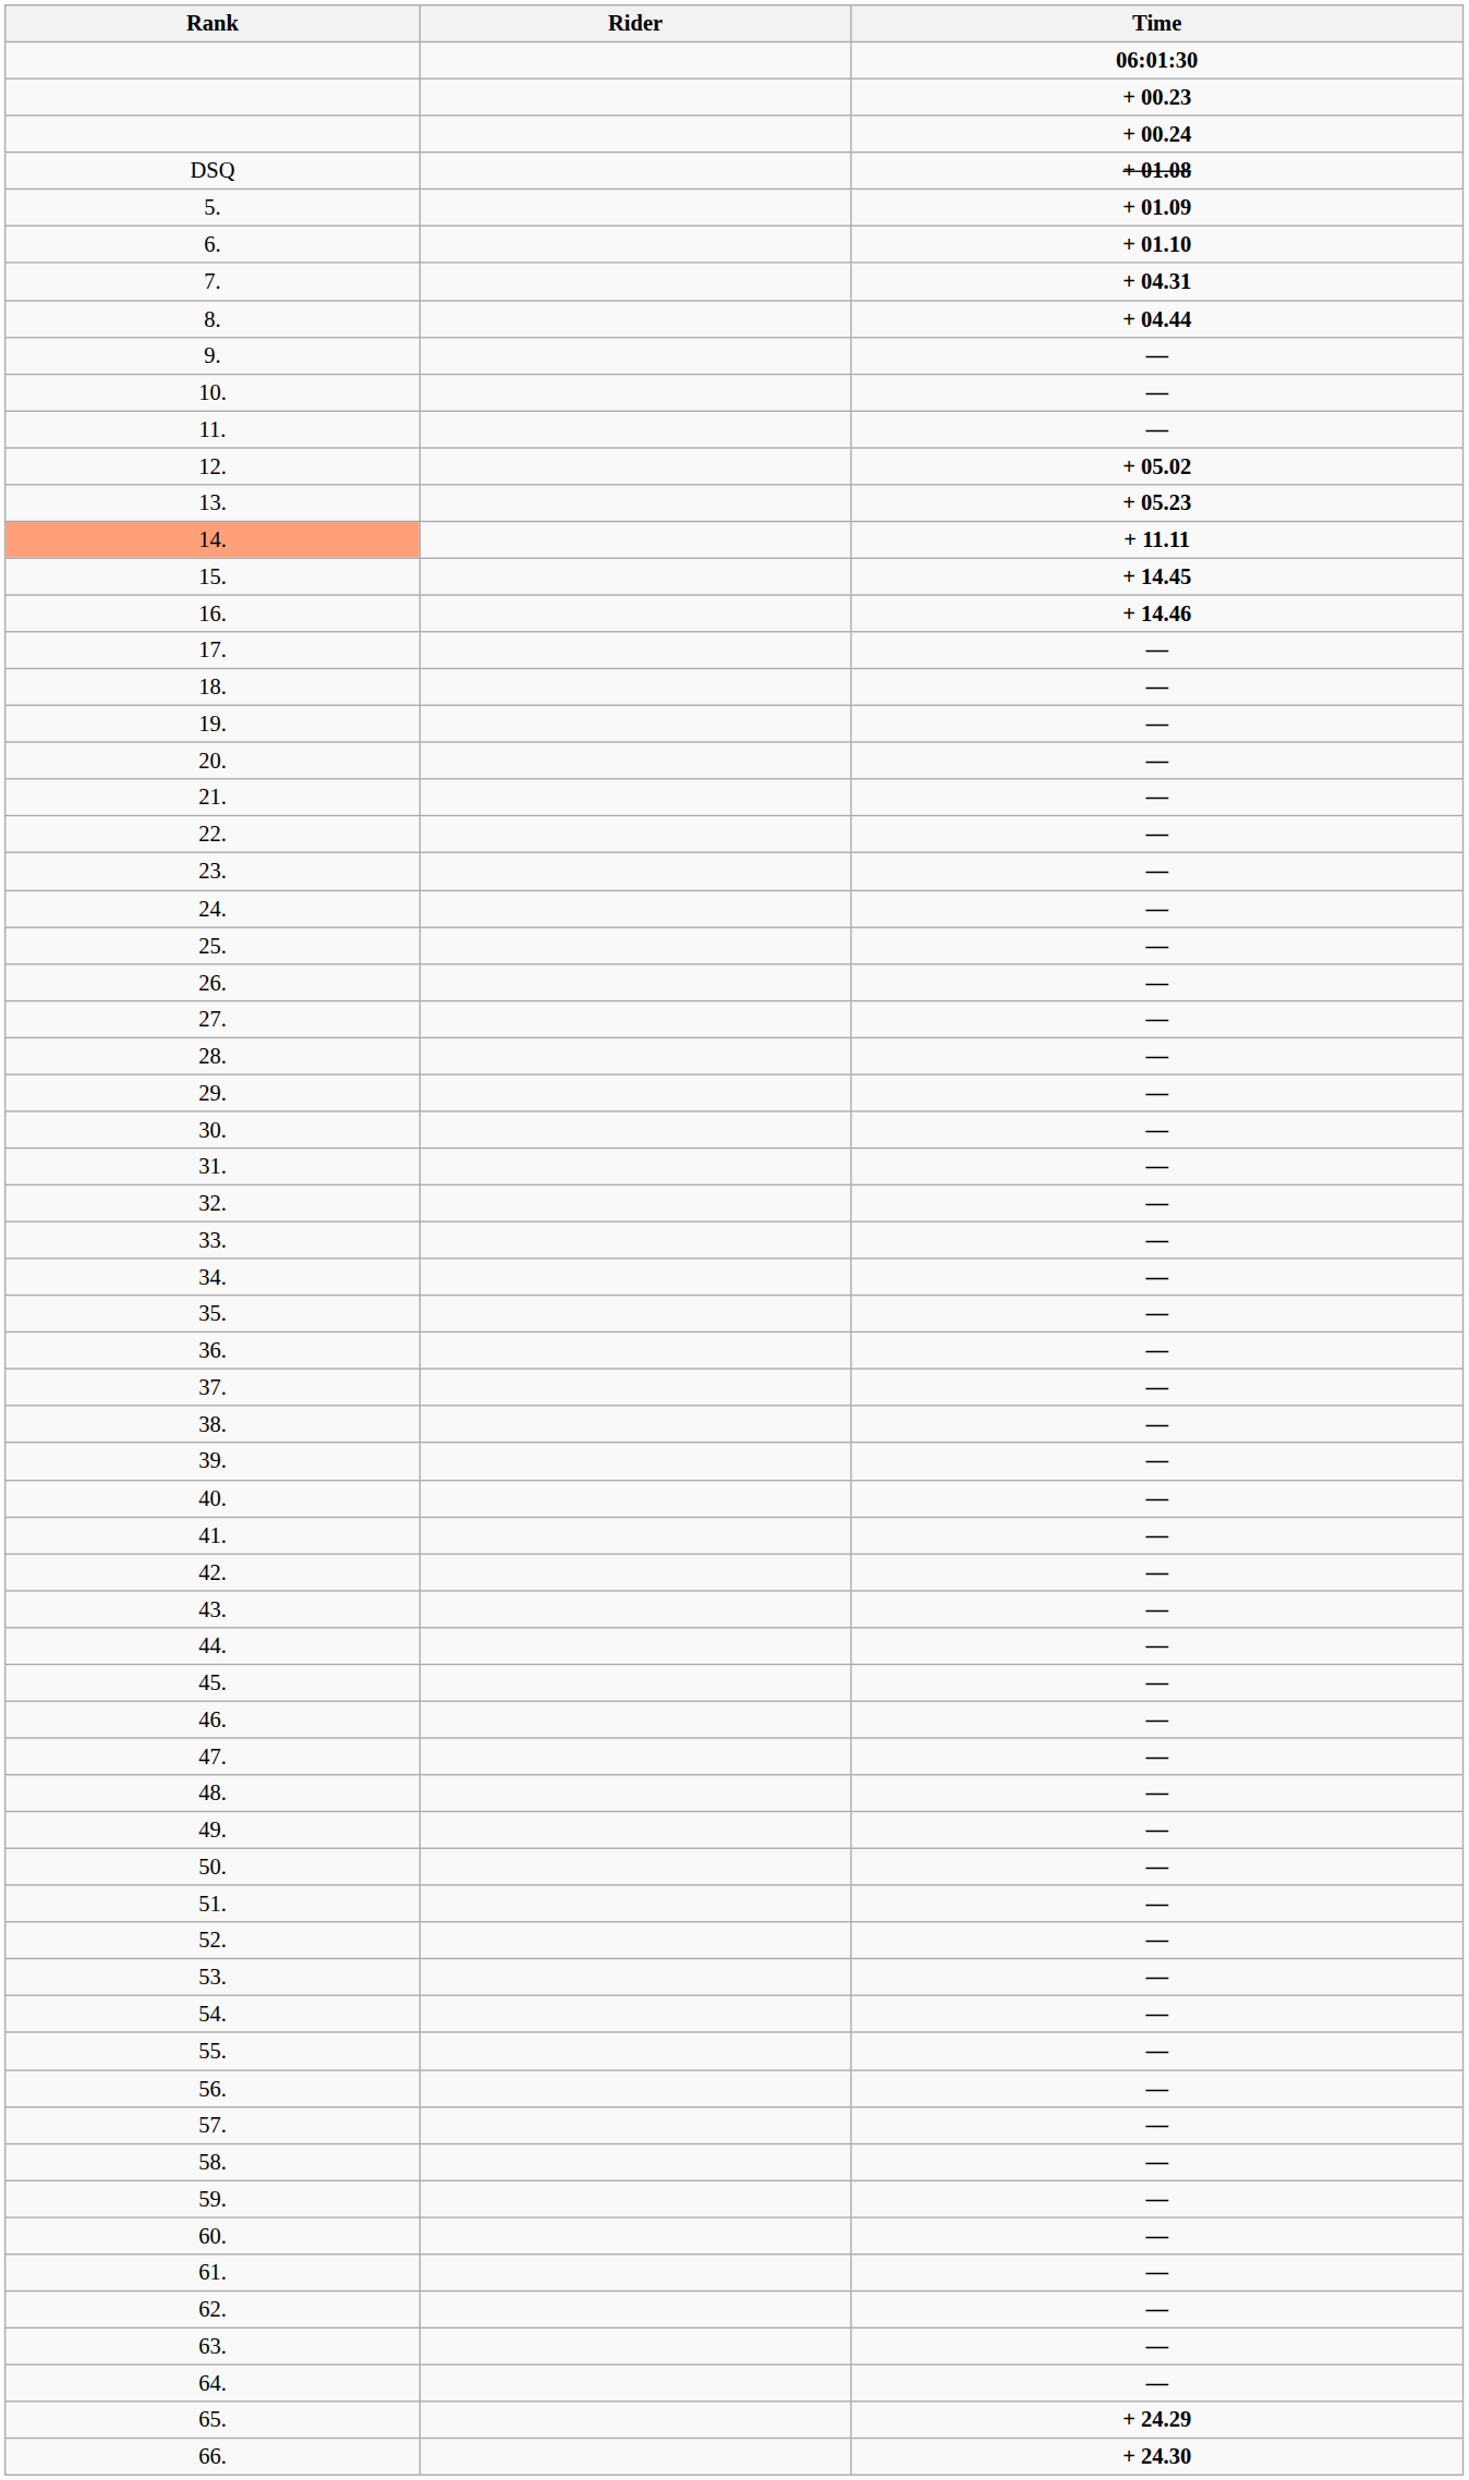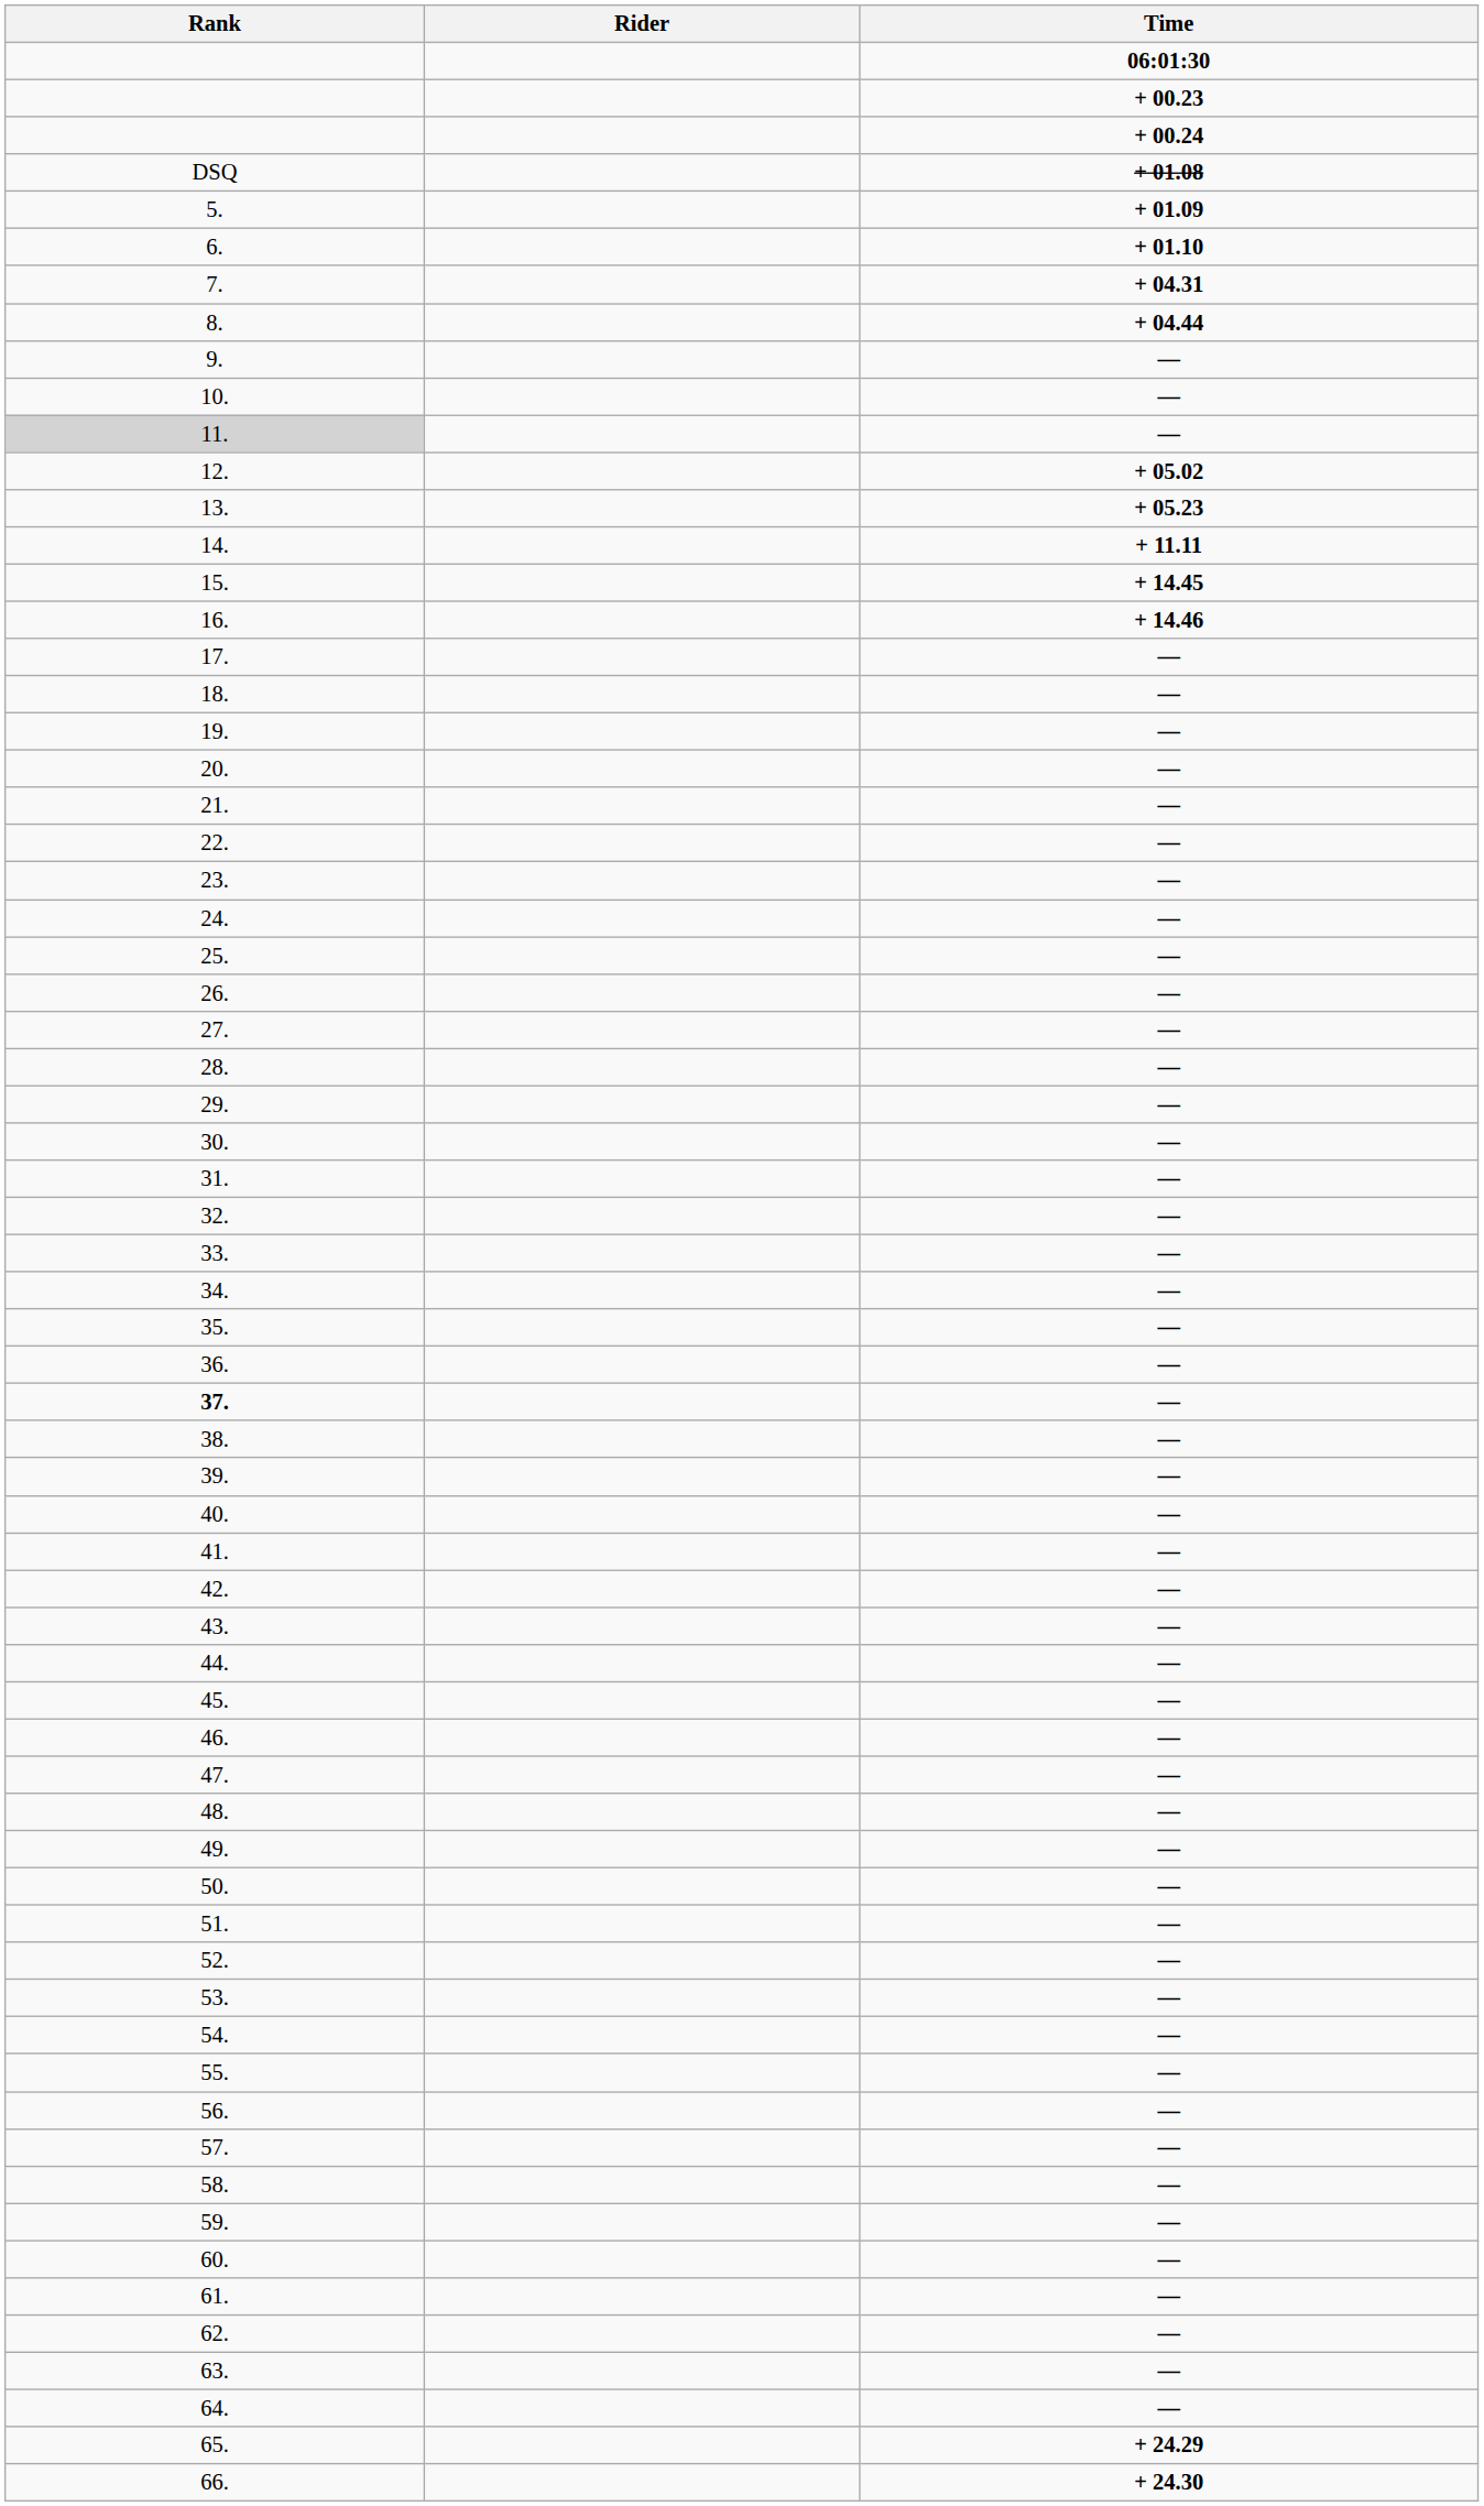 <table class=wikitable style="font-size:95%" width="50%">
 <tr>
 <th>Rank</th>
 <th>Rider</th>
 <th>Time</th>
 </tr>
 <tr>
 <td align="center"></td>
 <td></td>
 <td align="center"><strong>06:01:30</strong></td>
 </tr>
 <tr>
 <td align="center"></td>
 <td></td>
 <td align="center"><strong>+ 00.23</strong></td>
 </tr>
 <tr>
 <td align="center"></td>
 <td></td>
 <td align="center"><strong>+ 00.24</strong></td>
 </tr>
 <tr>
 <td align="center">DSQ</td>
 <td></td>
 <td align="center"><del><strong>+ 01.08</strong></del></td>
 </tr>
 <tr>
 <td align="center">5.</td>
 <td></td>
 <td align="center"><strong>+ 01.09</strong></td>
 </tr>
 <tr>
 <td align="center">6.</td>
 <td></td>
 <td align="center"><strong>+ 01.10</strong></td>
 </tr>
 <tr>
 <td align="center">7.</td>
 <td></td>
 <td align="center"><strong>+ 04.31</strong></td>
 </tr>
 <tr>
 <td align="center">8.</td>
 <td></td>
 <td align="center"><strong>+ 04.44</strong></td>
 </tr>
 <tr>
 <td align="center">9.</td>
 <td></td>
 <td align="center"><strong>—</strong></td>
 </tr>
 <tr>
 <td align="center">10.</td>
 <td></td>
 <td align="center"><strong>—</strong></td>
 </tr>
 <tr>
-<td align="center">11.</td>
+<td align="center" style="background: lightgrey;">11.</td>
 <td></td>
 <td align="center"><strong>—</strong></td>
 </tr>
 <tr>
 <td align="center">12.</td>
 <td></td>
 <td align="center"><strong>+ 05.02</strong></td>
 </tr>
 <tr>
 <td align="center">13.</td>
 <td></td>
 <td align="center"><strong>+ 05.23</strong></td>
 </tr>
 <tr>
-<td align="center" style="background: lightsalmon;">14.</td>
+<td align="center">14.</td>
 <td></td>
 <td align="center"><strong>+ 11.11</strong></td>
 </tr>
 <tr>
 <td align="center">15.</td>
 <td></td>
 <td align="center"><strong>+ 14.45</strong></td>
 </tr>
 <tr>
 <td align="center">16.</td>
 <td></td>
 <td align="center"><strong>+ 14.46</strong></td>
 </tr>
 <tr>
 <td align="center">17.</td>
 <td></td>
 <td align="center"><strong>—</strong></td>
 </tr>
 <tr>
 <td align="center">18.</td>
 <td></td>
 <td align="center"><strong>—</strong></td>
 </tr>
 <tr>
 <td align="center">19.</td>
 <td></td>
 <td align="center"><strong>—</strong></td>
 </tr>
 <tr>
 <td align="center">20.</td>
 <td></td>
 <td align="center"><strong>—</strong></td>
 </tr>
 <tr>
 <td align="center">21.</td>
 <td></td>
 <td align="center"><strong>—</strong></td>
 </tr>
 <tr>
 <td align="center">22.</td>
 <td></td>
 <td align="center"><strong>—</strong></td>
 </tr>
 <tr>
 <td align="center">23.</td>
 <td></td>
 <td align="center"><strong>—</strong></td>
 </tr>
 <tr>
 <td align="center">24.</td>
 <td></td>
 <td align="center"><strong>—</strong></td>
 </tr>
 <tr>
 <td align="center">25.</td>
 <td></td>
 <td align="center"><strong>—</strong></td>
 </tr>
 <tr>
 <td align="center">26.</td>
 <td></td>
 <td align="center"><strong>—</strong></td>
 </tr>
 <tr>
 <td align="center">27.</td>
 <td></td>
 <td align="center"><strong>—</strong></td>
 </tr>
 <tr>
 <td align="center">28.</td>
 <td></td>
 <td align="center"><strong>—</strong></td>
 </tr>
 <tr>
 <td align="center">29.</td>
 <td></td>
 <td align="center"><strong>—</strong></td>
 </tr>
 <tr>
 <td align="center">30.</td>
 <td></td>
 <td align="center"><strong>—</strong></td>
 </tr>
 <tr>
 <td align="center">31.</td>
 <td></td>
 <td align="center"><strong>—</strong></td>
 </tr>
 <tr>
 <td align="center">32.</td>
 <td></td>
 <td align="center"><strong>—</strong></td>
 </tr>
 <tr>
 <td align="center">33.</td>
 <td></td>
 <td align="center"><strong>—</strong></td>
 </tr>
 <tr>
 <td align="center">34.</td>
 <td></td>
 <td align="center"><strong>—</strong></td>
 </tr>
 <tr>
 <td align="center">35.</td>
 <td></td>
 <td align="center"><strong>—</strong></td>
 </tr>
 <tr>
 <td align="center">36.</td>
 <td></td>
 <td align="center"><strong>—</strong></td>
 </tr>
 <tr>
-<td align="center">37.</td>
+<td align="center"><strong>37.</strong></td>
 <td></td>
 <td align="center"><strong>—</strong></td>
 </tr>
 <tr>
 <td align="center">38.</td>
 <td></td>
 <td align="center"><strong>—</strong></td>
 </tr>
 <tr>
 <td align="center">39.</td>
 <td></td>
 <td align="center"><strong>—</strong></td>
 </tr>
 <tr>
 <td align="center">40.</td>
 <td></td>
 <td align="center"><strong>—</strong></td>
 </tr>
 <tr>
 <td align="center">41.</td>
 <td></td>
 <td align="center"><strong>—</strong></td>
 </tr>
 <tr>
 <td align="center">42.</td>
 <td></td>
 <td align="center"><strong>—</strong></td>
 </tr>
 <tr>
 <td align="center">43.</td>
 <td></td>
 <td align="center"><strong>—</strong></td>
 </tr>
 <tr>
 <td align="center">44.</td>
 <td></td>
 <td align="center"><strong>—</strong></td>
 </tr>
 <tr>
 <td align="center">45.</td>
 <td></td>
 <td align="center"><strong>—</strong></td>
 </tr>
 <tr>
 <td align="center">46.</td>
 <td></td>
 <td align="center"><strong>—</strong></td>
 </tr>
 <tr>
 <td align="center">47.</td>
 <td></td>
 <td align="center"><strong>—</strong></td>
 </tr>
 <tr>
 <td align="center">48.</td>
 <td></td>
 <td align="center"><strong>—</strong></td>
 </tr>
 <tr>
 <td align="center">49.</td>
 <td></td>
 <td align="center"><strong>—</strong></td>
 </tr>
 <tr>
 <td align="center">50.</td>
 <td></td>
 <td align="center"><strong>—</strong></td>
 </tr>
 <tr>
 <td align="center">51.</td>
 <td></td>
 <td align="center"><strong>—</strong></td>
 </tr>
 <tr>
 <td align="center">52.</td>
 <td></td>
 <td align="center"><strong>—</strong></td>
 </tr>
 <tr>
 <td align="center">53.</td>
 <td></td>
 <td align="center"><strong>—</strong></td>
 </tr>
 <tr>
 <td align="center">54.</td>
 <td></td>
 <td align="center"><strong>—</strong></td>
 </tr>
 <tr>
 <td align="center">55.</td>
 <td></td>
 <td align="center"><strong>—</strong></td>
 </tr>
 <tr>
 <td align="center">56.</td>
 <td></td>
 <td align="center"><strong>—</strong></td>
 </tr>
 <tr>
 <td align="center">57.</td>
 <td></td>
 <td align="center"><strong>—</strong></td>
 </tr>
 <tr>
 <td align="center">58.</td>
 <td></td>
 <td align="center"><strong>—</strong></td>
 </tr>
 <tr>
 <td align="center">59.</td>
 <td></td>
 <td align="center"><strong>—</strong></td>
 </tr>
 <tr>
 <td align="center">60.</td>
 <td></td>
 <td align="center"><strong>—</strong></td>
 </tr>
 <tr>
 <td align="center">61.</td>
 <td></td>
 <td align="center"><strong>—</strong></td>
 </tr>
 <tr>
 <td align="center">62.</td>
 <td></td>
 <td align="center"><strong>—</strong></td>
 </tr>
 <tr>
 <td align="center">63.</td>
 <td></td>
 <td align="center"><strong>—</strong></td>
 </tr>
 <tr>
 <td align="center">64.</td>
 <td></td>
 <td align="center"><strong>—</strong></td>
 </tr>
 <tr>
 <td align="center">65.</td>
 <td></td>
 <td align="center"><strong>+ 24.29</strong></td>
 </tr>
 <tr>
 <td align="center">66.</td>
 <td></td>
 <td align="center"><strong>+ 24.30</strong></td>
 </tr>
 </table>
